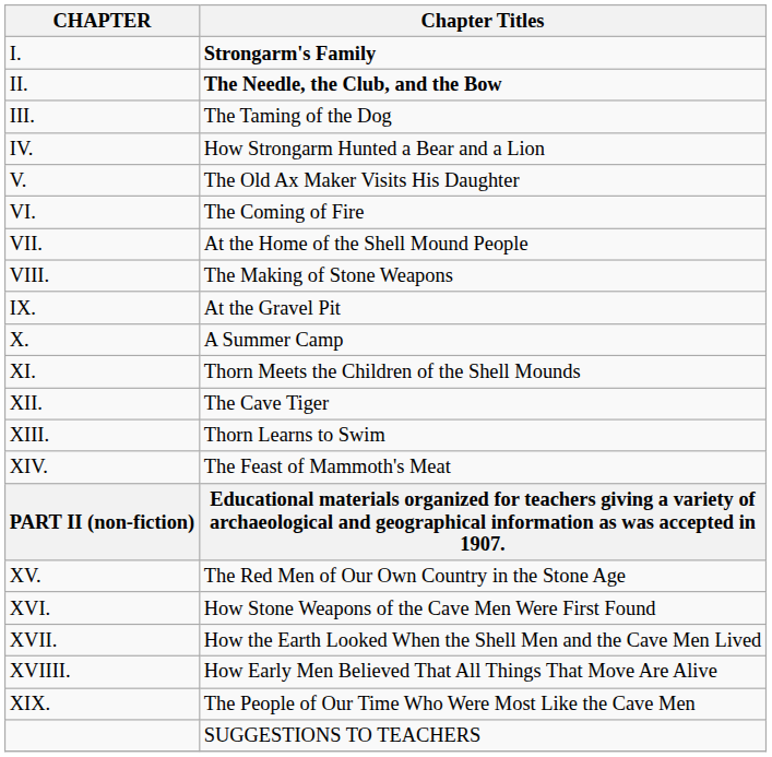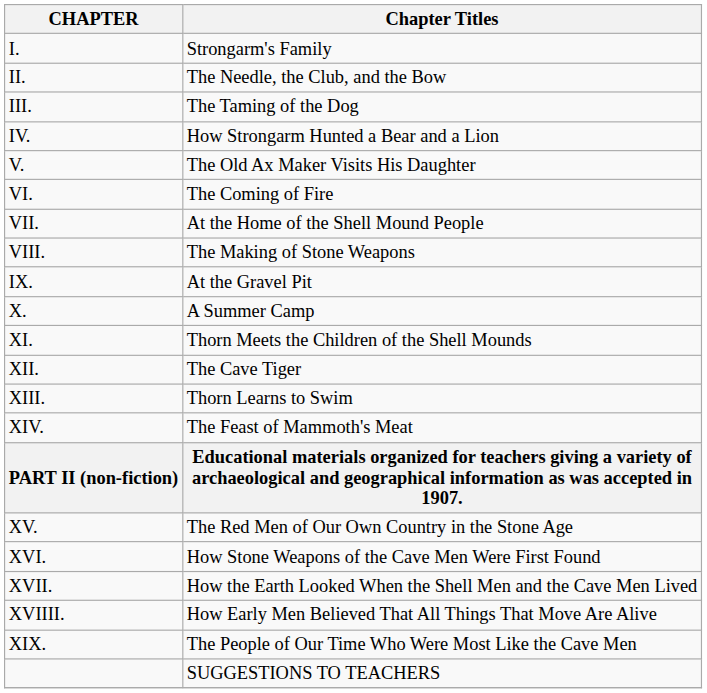 <table class=wikitable style="background-color:#f9f9f9">
 <tr>
 <th text-align="center">CHAPTER</th>
 <th style="max-width:08ex">Chapter Titles</th>
 </tr>
 <tr>
 <td align-text="right">I.</td>
-<td><strong>Strongarm's Family</strong></td>
+<td>Strongarm's Family</td>
 </tr>
 <tr>
 <td align-text="right">II.</td>
-<td><strong>The Needle, the Club, and the Bow</strong></td>
+<td>The Needle, the Club, and the Bow</td>
 </tr>
 <tr>
 <td align-text="right">III.</td>
 <td>The Taming of the Dog</td>
 </tr>
 <tr>
 <td align-text="right">IV.</td>
 <td>How Strongarm Hunted a Bear and a Lion</td>
 </tr>
 <tr>
 <td align-text="right">V.</td>
 <td>The Old Ax Maker Visits His Daughter</td>
 </tr>
 <tr>
 <td align-text="right">VI.</td>
 <td>The Coming of Fire</td>
 </tr>
 <tr>
 <td align-text="right">VII.</td>
 <td>At the Home of the Shell Mound People</td>
 </tr>
 <tr>
 <td align-text="right">VIII.</td>
 <td>The Making of Stone Weapons</td>
 </tr>
 <tr>
 <td align-text="right">IX.</td>
 <td>At the Gravel Pit</td>
 </tr>
 <tr>
 <td align-text="right">X.</td>
 <td>A Summer Camp</td>
 </tr>
 <tr>
 <td align-text="right">XI.</td>
 <td>Thorn Meets the Children of the Shell Mounds</td>
 </tr>
 <tr>
 <td align-text="right">XII.</td>
 <td>The Cave Tiger</td>
 </tr>
 <tr>
 <td align-text="right">XIII.</td>
 <td>Thorn Learns to Swim</td>
 </tr>
 <tr>
 <td align-text="right">XIV.</td>
 <td>The Feast of Mammoth's Meat</td>
 </tr>
 <tr>
 <th>PART II (non-fiction)</th>
 <th style="max-width:08ex">Educational materials organized for teachers giving a variety of <br> archaeological and geographical information as was accepted in 1907.</th>
 </tr>
 <tr>
 <td align-text="right">XV.</td>
 <td>The Red Men of Our Own Country in the Stone Age</td>
 </tr>
 <tr>
 <td align-text="right">XVI.</td>
 <td>How Stone Weapons of the Cave Men Were First Found</td>
 </tr>
 <tr>
 <td align-text="right">XVII.</td>
 <td>How the Earth Looked When the Shell Men and the Cave Men Lived</td>
 </tr>
 <tr>
 <td align-text="right">XVIIII.</td>
 <td>How Early Men Believed That All Things That Move Are Alive</td>
 </tr>
 <tr>
 <td align-text="right">XIX.</td>
 <td>The People of Our Time Who Were Most Like the Cave Men</td>
 </tr>
 <tr>
 <td align-text="right"></td>
 <td>SUGGESTIONS TO TEACHERS</td>
 </tr>
 <tr>
 </tr>
 </table>
